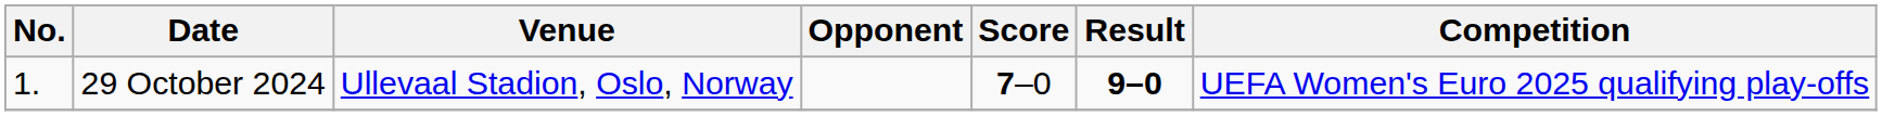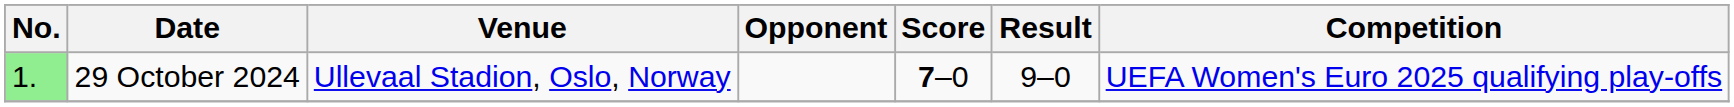 <table class="wikitable">
 <tr>
 <th>No.</th>
 <th>Date</th>
 <th>Venue</th>
 <th>Opponent</th>
 <th>Score</th>
 <th>Result</th>
 <th>Competition</th>
 </tr>
 <tr>
-<td>1.</td>
+<td style="background: lightgreen;">1.</td>
 <td>29 October 2024</td>
 <td><a href='#'>Ullevaal Stadion</a>, <a href='#'>Oslo</a>, <a href='#'>Norway</a></td>
 <td></td>
 <td align=center><strong>7</strong>–0</td>
-<td align=center><strong>9–0</strong></td>
+<td align=center>9–0</td>
 <td><a href='#'>UEFA Women's Euro 2025 qualifying play-offs</a></td>
 </tr>
 <tr>
 </tr>
 </table>
